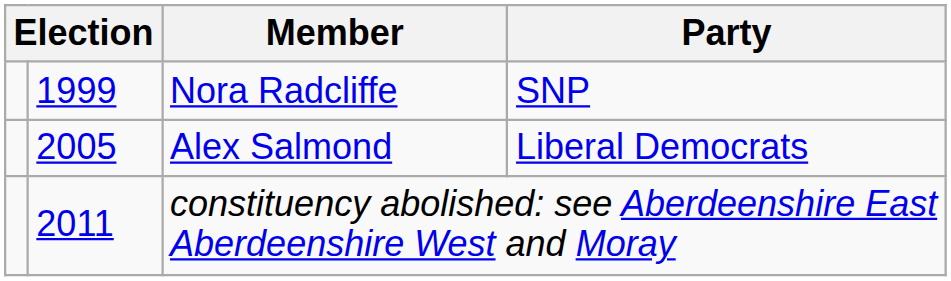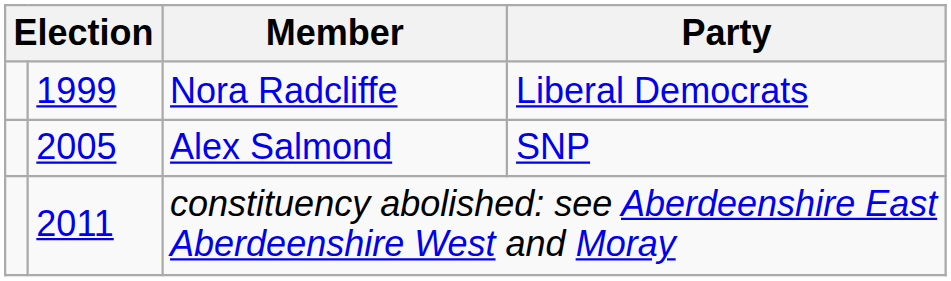 <table class="wikitable">
 <tr>
 <th colspan="2">Election</th>
 <th>Member</th>
 <th>Party</th>
 </tr>
 <tr>
 <td style="background-color: "></td>
 <td><a href='#'>1999</a></td>
 <td><a href='#'>Nora Radcliffe</a></td>
-<td><a href='#'>SNP</a></td>
+<td><a href='#'>Liberal Democrats</a></td>
 </tr>
 <tr>
 <td style="background-color: "></td>
 <td><a href='#'>2005</a></td>
 <td><a href='#'>Alex Salmond</a></td>
-<td><a href='#'>Liberal Democrats</a></td>
+<td><a href='#'>SNP</a></td>
 </tr>
 <tr>
 <td></td>
 <td><a href='#'>2011</a></td>
 <td colspan="2"><em>constituency abolished: see <a href='#'>Aberdeenshire East</a><br><a href='#'>Aberdeenshire West</a> and <a href='#'>Moray</a></em></td>
 </tr>
 </table>
